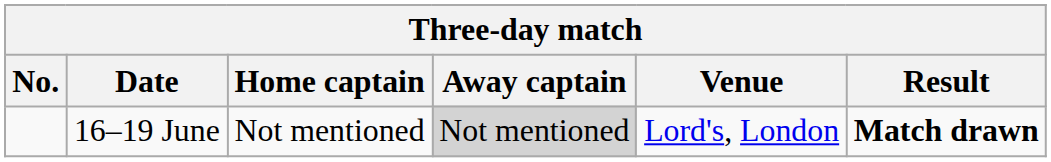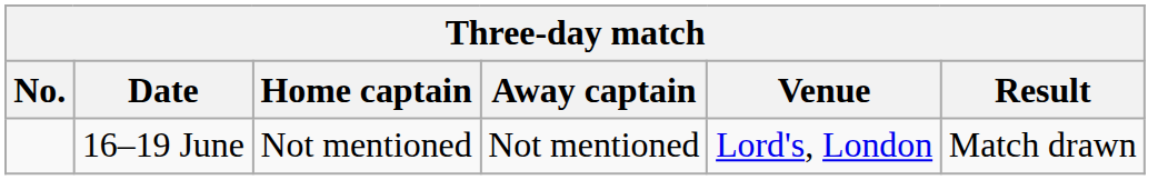 <table class="wikitable">
 <tr>
 <th colspan="9">Three-day match</th>
 </tr>
 <tr>
 <th>No.</th>
 <th>Date</th>
 <th>Home captain</th>
 <th>Away captain</th>
 <th>Venue</th>
 <th>Result</th>
 </tr>
 <tr>
 <td></td>
 <td>16–19 June</td>
 <td>Not mentioned</td>
-<td style="background: lightgrey;">Not mentioned</td>
+<td>Not mentioned</td>
 <td><a href='#'>Lord's</a>, <a href='#'>London</a></td>
-<td><strong>Match drawn</strong></td>
+<td>Match drawn</td>
 </tr>
 </table>
